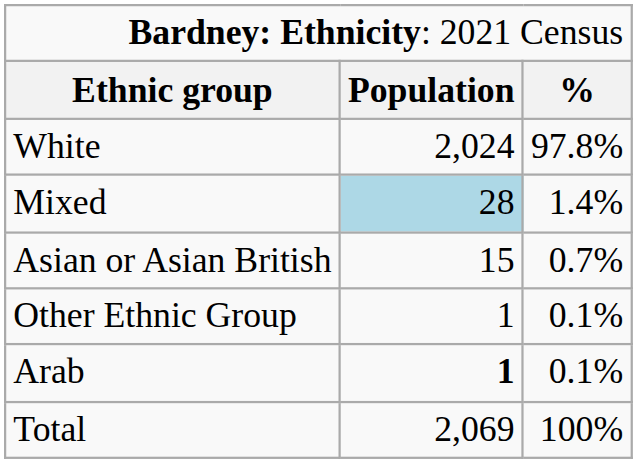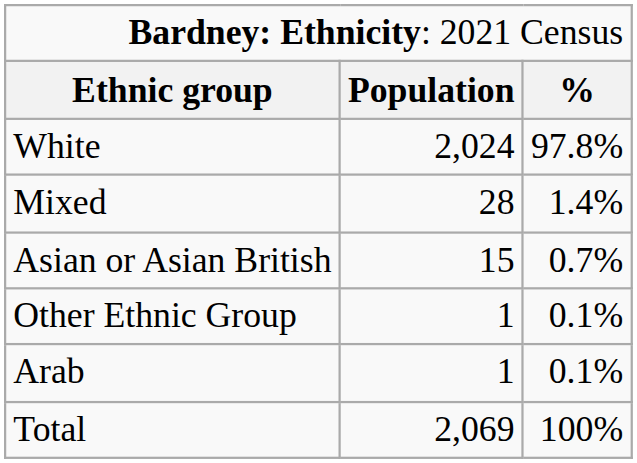 <table class="wikitable">
 <tr>
 <td colspan="14" style="text-align:right;"><strong>Bardney: Ethnicity</strong>: 2021 Census</td>
 </tr>
 <tr>
 <th>Ethnic group</th>
 <th>Population</th>
 <th>%</th>
 </tr>
 <tr>
 <td>White</td>
 <td style="text-align:right;">2,024</td>
 <td style="text-align:right;">97.8%</td>
 </tr>
 <tr>
 <td>Mixed</td>
-<td style="background: lightblue; text-align:right;">28</td>
+<td style="text-align:right;">28</td>
 <td style="text-align:right;">1.4%</td>
 </tr>
 <tr>
 <td>Asian or Asian British</td>
 <td style="text-align:right;">15</td>
 <td style="text-align:right;">0.7%</td>
 </tr>
 <tr>
 <td>Other Ethnic Group</td>
 <td style="text-align:right;">1</td>
 <td style="text-align:right;">0.1%</td>
 </tr>
 <tr>
 <td>Arab</td>
-<td style="text-align:right;"><strong>1</strong></td>
+<td style="text-align:right;">1</td>
 <td style="text-align:right;">0.1%</td>
 </tr>
 <tr>
 <td>Total</td>
 <td style="text-align:right;">2,069</td>
 <td style="text-align:right;">100%</td>
 </tr>
 </table>
